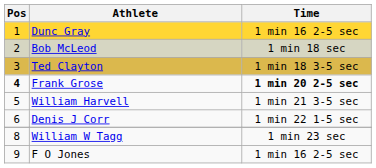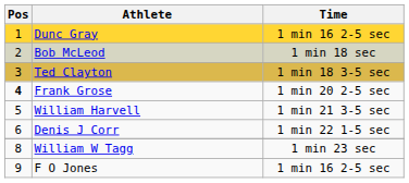 <table class="wikitable" style="font-size: 100%">
 <tr>
 <th width=20>Pos</th>
 <th width=250>Athlete</th>
 <th width=150>Time</th>
 </tr>
 <tr align=center style="background: #FFD633;">
 <td>1</td>
 <td align="left"> <a href='#'>Dunc Gray</a></td>
 <td>1 min 16 2-5 sec</td>
 </tr>
 <tr align=center style="background: #D6D6C2;">
 <td>2</td>
 <td align="left"> <a href='#'>Bob McLeod</a></td>
 <td>1 min 18 sec</td>
 </tr>
 <tr align=center style="background: #DBB84D;">
 <td>3</td>
 <td align="left"> <a href='#'>Ted Clayton</a></td>
 <td>1 min 18 3-5 sec</td>
 </tr>
 <tr align=center>
 <td><strong>4</strong></td>
 <td align="left"> <a href='#'>Frank Grose</a></td>
-<td><strong>1 min 20 2-5 sec</strong></td>
+<td>1 min 20 2-5 sec</td>
 </tr>
 <tr align=center>
 <td>5</td>
 <td align="left"> <a href='#'>William Harvell</a></td>
 <td>1 min 21 3-5 sec</td>
 </tr>
 <tr align=center>
 <td>6</td>
 <td align="left"> <a href='#'>Denis J Corr</a></td>
 <td>1 min 22 1-5 sec</td>
 </tr>
 <tr align=center>
 </tr>
 <tr || align="left"|>
 </tr>
 <tr align=center>
 <td>8</td>
 <td align="left"> <a href='#'>William W Tagg</a></td>
 <td>1 min 23 sec</td>
 </tr>
 <tr align=center>
 <td>9</td>
 <td align="left"> F O Jones</td>
 <td>1 min 16 2-5 sec</td>
 </tr>
 </table>
